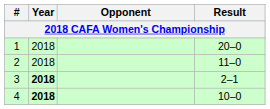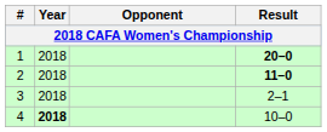 <table class="wikitable">
 <tr>
 <th width=30>#</th>
 <th width=30>Year</th>
 <th width=200>Opponent</th>
 <th width=100>Result</th>
 </tr>
 <tr style="background:#9acdff;">
 <th colspan=4><a href='#'>2018 CAFA Women's Championship</a></th>
 </tr>
 <tr bgcolor=#CCFFCC>
 <td align=center>1</td>
 <td align=center>2018</td>
 <td></td>
-<td align=center>20–0</td>
+<td align=center><strong>20–0</strong></td>
 </tr>
 <tr bgcolor=#CCFFCC>
 <td align=center>2</td>
 <td align=center>2018</td>
 <td></td>
-<td align=center>11–0</td>
+<td align=center><strong>11–0</strong></td>
 </tr>
 <tr bgcolor=#CCFFCC>
 <td align=center>3</td>
-<td align=center><strong>2018</strong></td>
+<td align=center>2018</td>
 <td></td>
 <td align=center>2–1</td>
 </tr>
 <tr bgcolor=#CCFFCC>
 <td align=center>4</td>
 <td align=center><strong>2018</strong></td>
 <td></td>
 <td align=center>10–0</td>
 </tr>
 </table>
